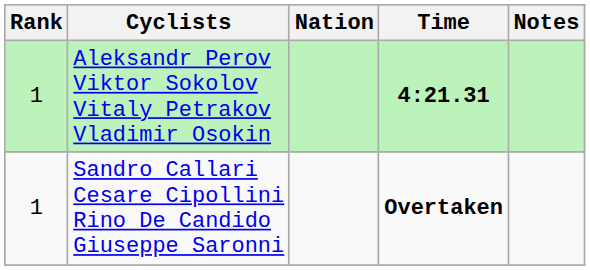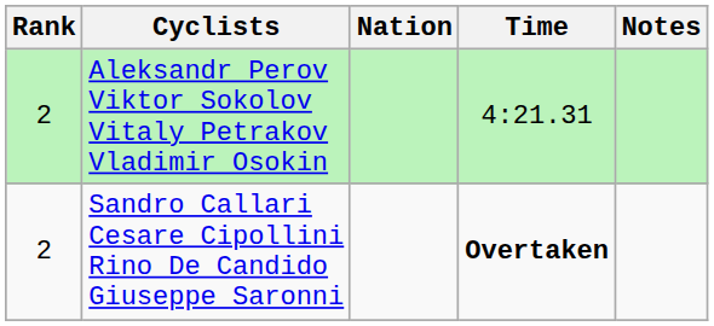 <table class="wikitable sortable" style=text-align:center>
 <tr>
 <th>Rank</th>
 <th>Cyclists</th>
 <th>Nation</th>
 <th>Time</th>
 <th>Notes</th>
 </tr>
 <tr bgcolor=bbf3bb>
-<td>1</td>
+<td>2</td>
 <td align=left><a href='#'>Aleksandr Perov</a><br><a href='#'>Viktor Sokolov</a><br><a href='#'>Vitaly Petrakov</a><br><a href='#'>Vladimir Osokin</a></td>
 <td align=left></td>
-<td><strong>4:21.31</strong></td>
+<td>4:21.31</td>
 <td></td>
 </tr>
 <tr>
-<td>1</td>
+<td>2</td>
 <td align=left><a href='#'>Sandro Callari</a><br><a href='#'>Cesare Cipollini</a><br><a href='#'>Rino De Candido</a><br><a href='#'>Giuseppe Saronni</a></td>
 <td align=left></td>
 <td><strong>Overtaken</strong></td>
 <td></td>
 </tr>
 </table>
